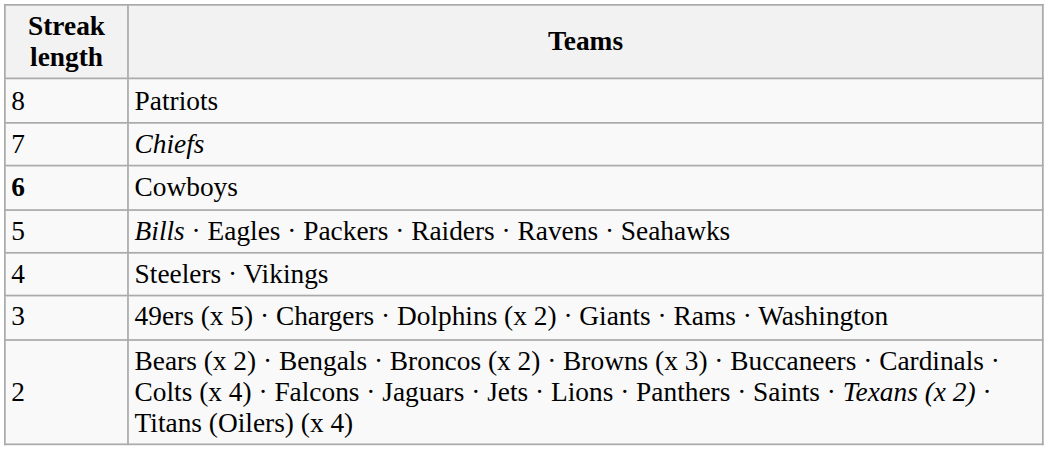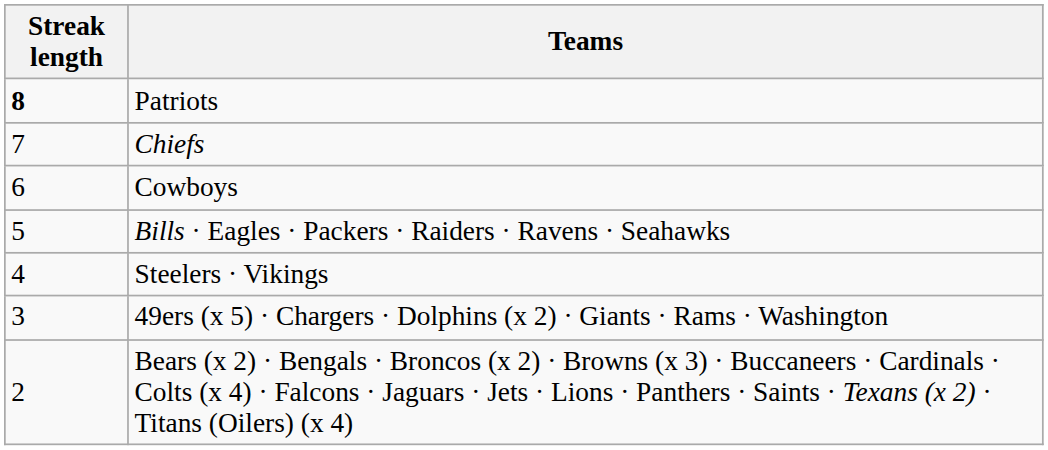 <table class="wikitable">
 <tr>
 <th><strong>Streak length</strong></th>
 <th><strong>Teams</strong></th>
 </tr>
 <tr>
-<td>8</td>
+<td><strong>8</strong></td>
 <td>Patriots</td>
 </tr>
 <tr>
 <td>7</td>
 <td><em>Chiefs</em></td>
 </tr>
 <tr>
-<td><strong>6</strong></td>
+<td>6</td>
 <td>Cowboys</td>
 </tr>
 <tr>
 <td>5</td>
 <td><em>Bills</em> · Eagles · Packers · Raiders · Ravens · Seahawks</td>
 </tr>
 <tr>
 <td>4</td>
 <td>Steelers · Vikings</td>
 </tr>
 <tr>
 <td>3</td>
 <td>49ers (x 5) · Chargers · Dolphins (x 2) · Giants · Rams · Washington</td>
 </tr>
 <tr>
 <td>2</td>
 <td>Bears (x 2) · Bengals · Broncos (x 2) · Browns (x 3) · Buccaneers · Cardinals · Colts (x 4) · Falcons · Jaguars · Jets · Lions · Panthers · Saints · <em>Texans (x 2)</em> · Titans (Oilers) (x 4)</td>
 </tr>
 </table>
